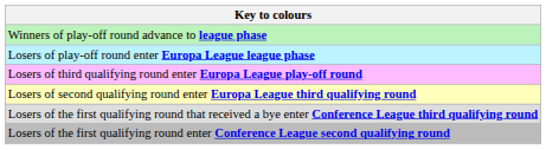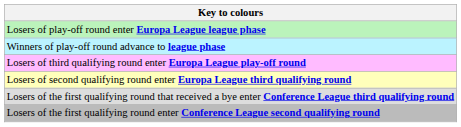 <table class="wikitable">
 <tr>
 <th>Key to colours</th>
 </tr>
 <tr bgcolor=#BBF3BB>
-<td>Winners of play-off round advance to <strong><a href='#'>league phase</a></strong></td>
+<td>Losers of play-off round enter <strong><a href='#'>Europa League league phase</a></strong></td>
 </tr>
 <tr bgcolor=#BBF3FF>
-<td>Losers of play-off round enter <strong><a href='#'>Europa League league phase</a></strong></td>
+<td>Winners of play-off round advance to <strong><a href='#'>league phase</a></strong></td>
 </tr>
 <tr bgcolor=#FFBBFF>
 <td>Losers of third qualifying round enter <strong><a href='#'>Europa League play-off round</a></strong></td>
 </tr>
 <tr bgcolor=#FFFFBB>
 <td>Losers of second qualifying round enter <strong><a href='#'>Europa League third qualifying round</a></strong></td>
 </tr>
 <tr bgcolor=#DDDDDD>
 <td>Losers of the first qualifying round that received a bye enter <strong><a href='#'>Conference League third qualifying round</a></strong></td>
 </tr>
 <tr bgcolor=#BBBBBB>
 <td>Losers of the first qualifying round enter <strong><a href='#'>Conference League second qualifying round</a></strong></td>
 </tr>
 </table>
